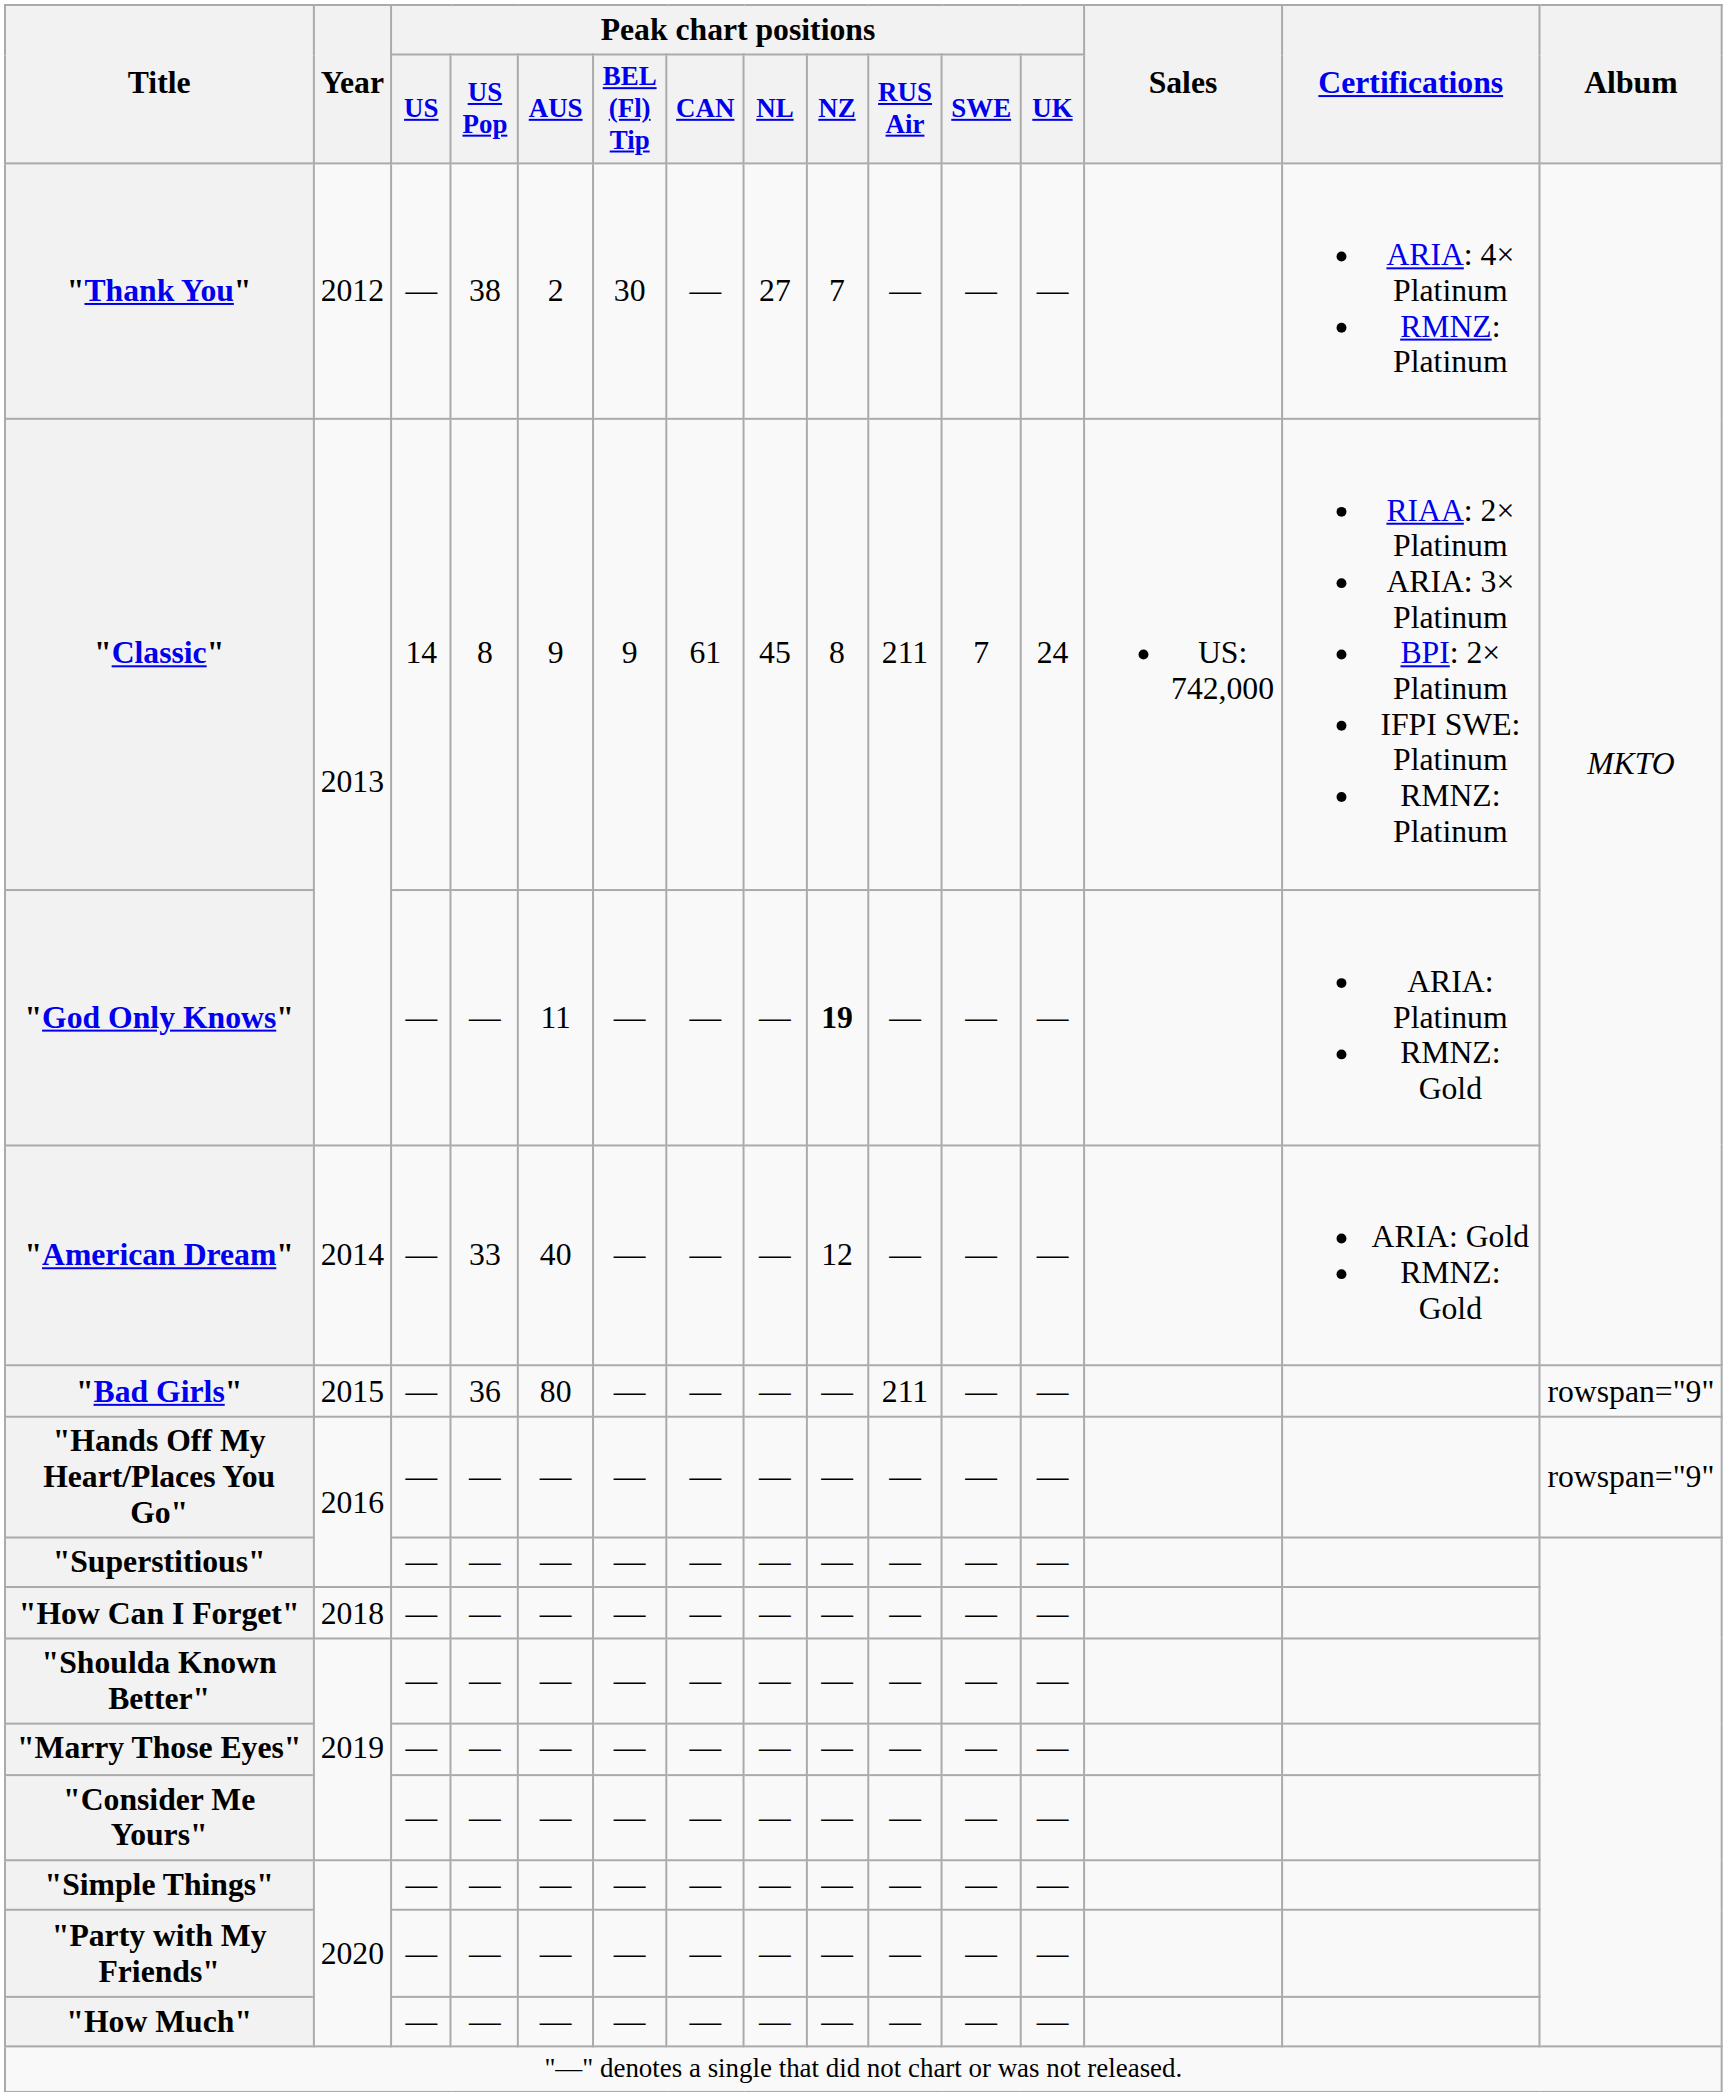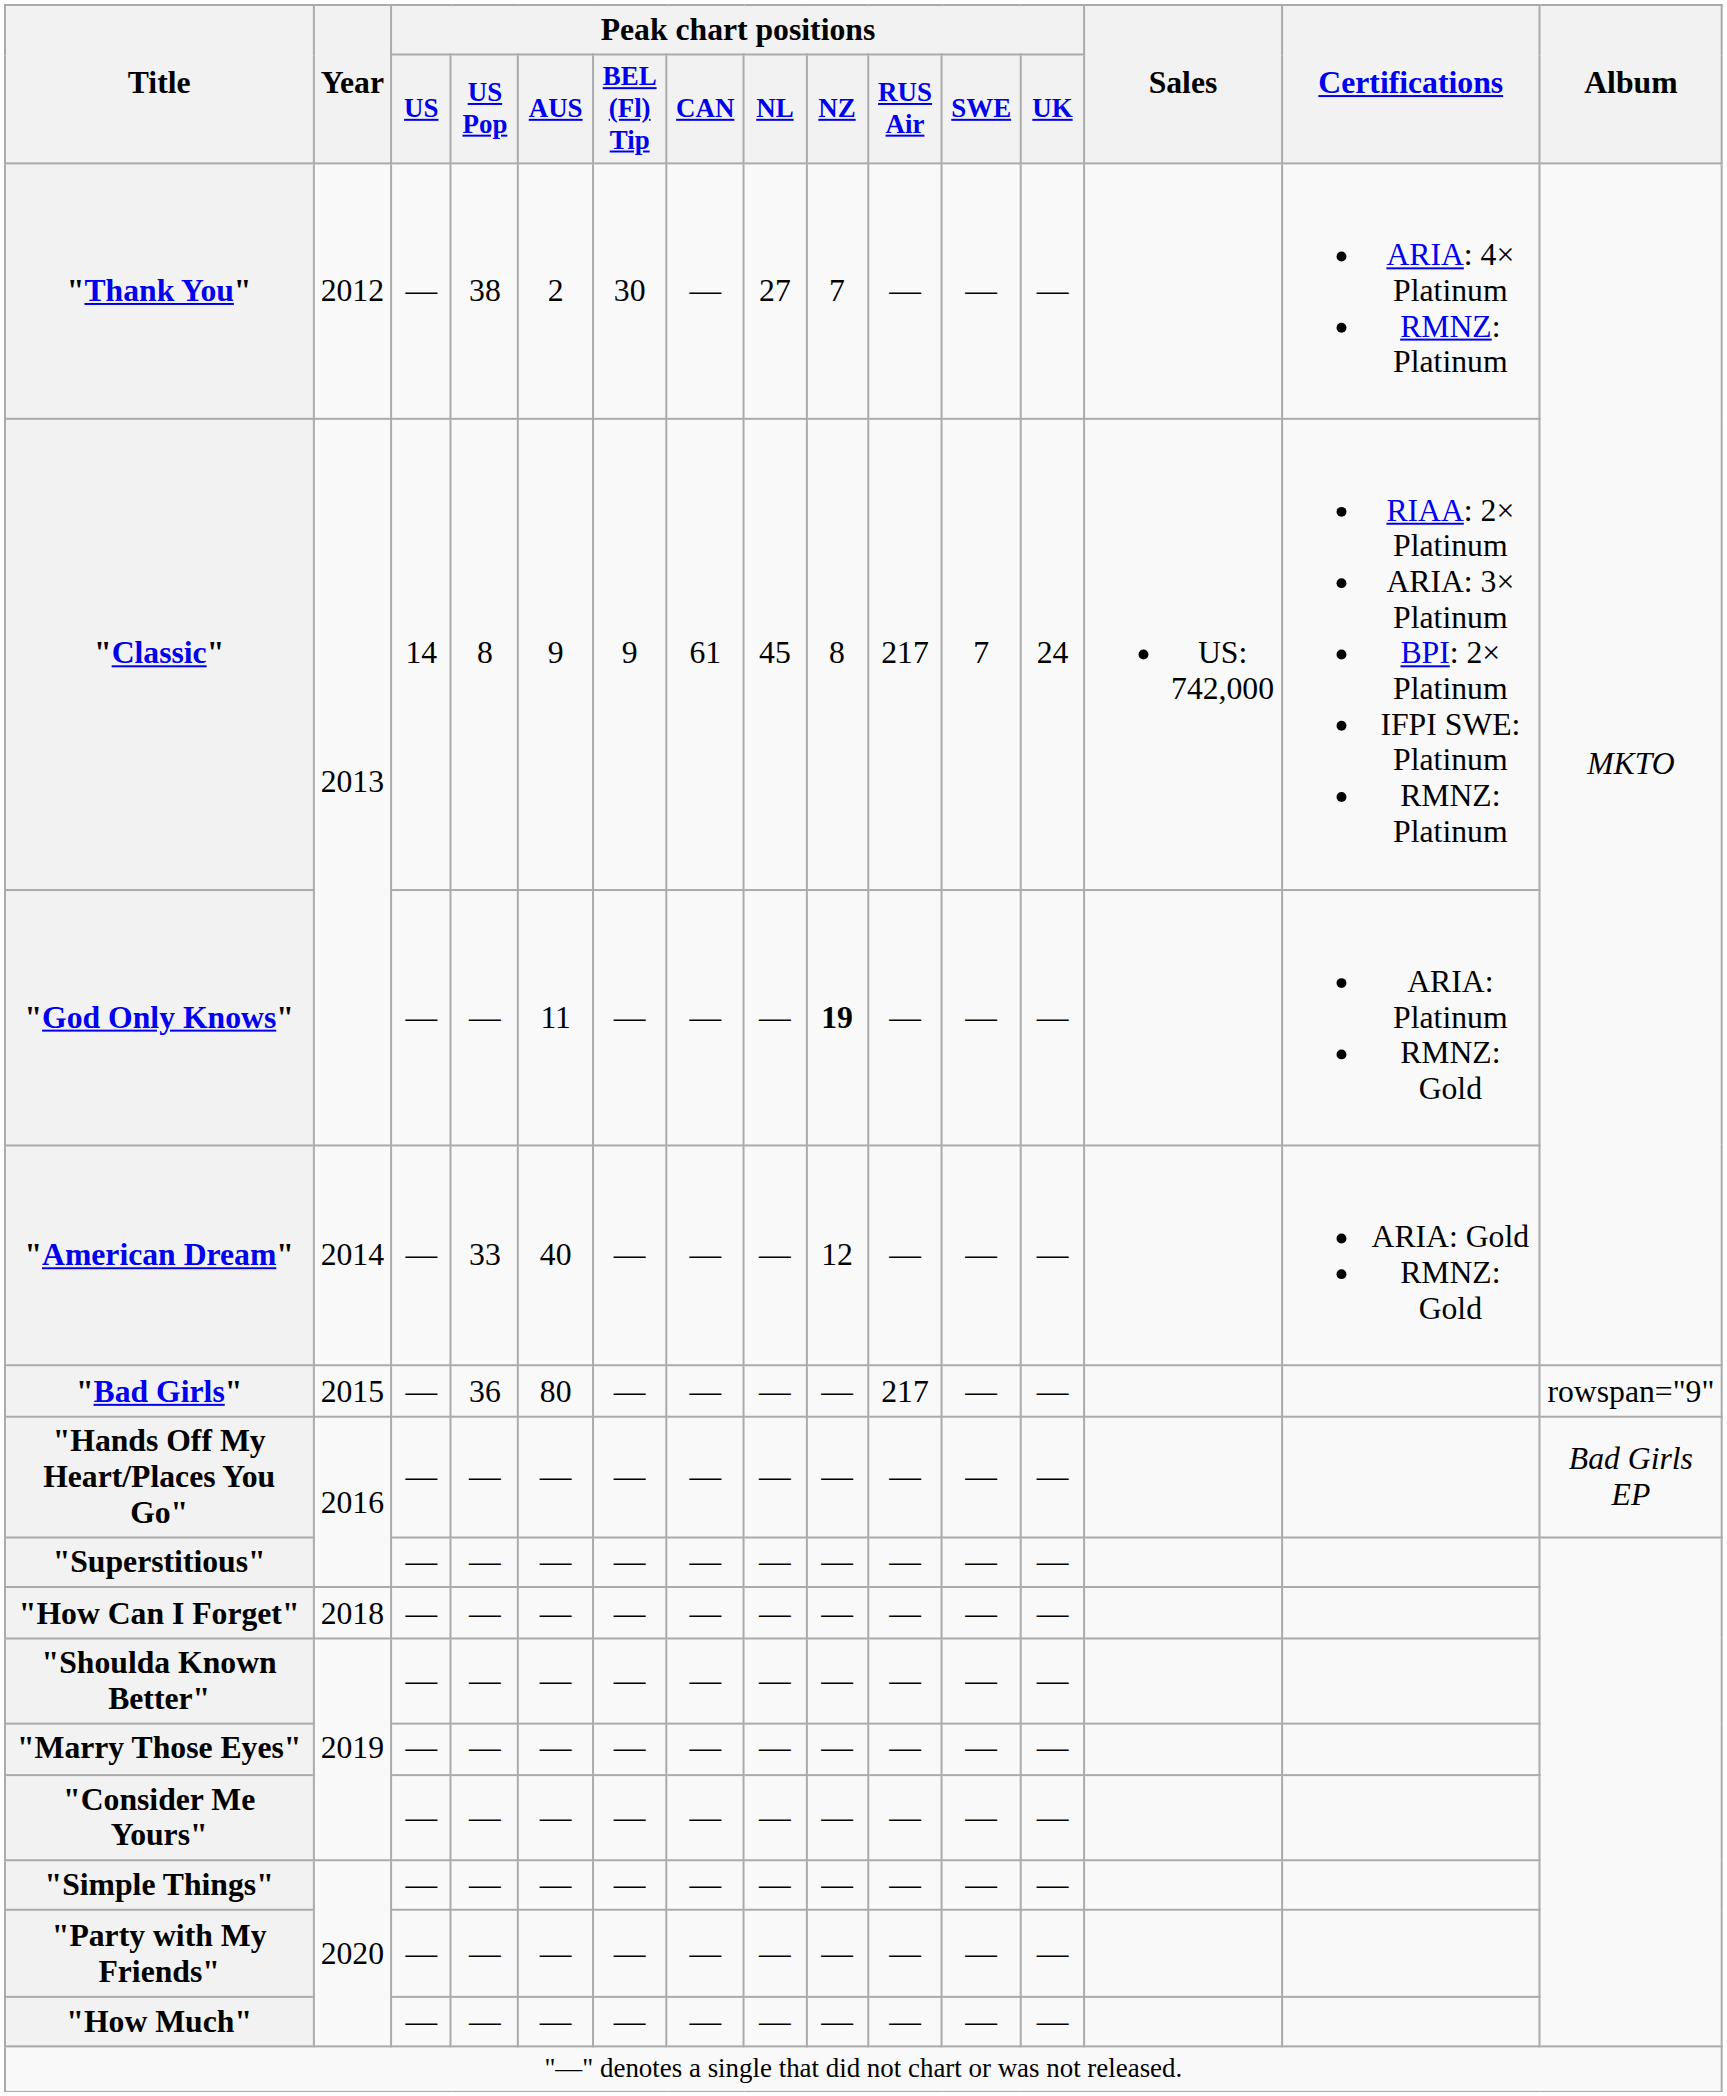 <table class="wikitable plainrowheaders" style="text-align:center;">
 <tr>
 <th scope="col" rowspan="2" style="width:16em;">Title</th>
 <th scope="col" rowspan="2">Year</th>
 <th scope="col" colspan="10">Peak chart positions</th>
 <th rowspan="2">Sales</th>
 <th scope="col" rowspan="2" style="width:11.9em;"><a href='#'>Certifications</a></th>
 <th scope="col" rowspan="2">Album</th>
 </tr>
 <tr>
 <th scope="col" style="width:3em;font-size:85%;"><a href='#'>US</a><br></th>
 <th scope="col" style="width:3em;font-size:85%;"><a href='#'>US<br>Pop</a><br></th>
 <th scope="col" style="width:3em;font-size:85%;"><a href='#'>AUS</a><br></th>
 <th scope="col" style="width:3em;font-size:85%;"><a href='#'>BEL<br>(Fl)<br>Tip</a><br></th>
 <th scope="col" style="width:3em;font-size:85%;"><a href='#'>CAN</a><br></th>
 <th scope="col" style="width:3em;font-size:85%;"><a href='#'>NL</a><br></th>
 <th scope="col" style="width:3em;font-size:85%;"><a href='#'>NZ</a><br></th>
 <th scope="col" style="width:3em;font-size:85%;"><a href='#'>RUS<br>Air</a><br></th>
 <th scope="col" style="width:3em;font-size:85%;"><a href='#'>SWE</a><br></th>
 <th scope="col" style="width:3em;font-size:85%;"><a href='#'>UK</a><br></th>
 </tr>
 <tr>
 <th scope="row">"<a href='#'>Thank You</a>"</th>
 <td>2012</td>
 <td>—</td>
 <td>38</td>
 <td>2</td>
 <td>30</td>
 <td>—</td>
 <td>27</td>
 <td>7</td>
 <td>—</td>
 <td>—</td>
 <td>—</td>
 <td></td>
 <td><br><ul><li><a href='#'>ARIA</a>: 4× Platinum</li><li><a href='#'>RMNZ</a>: Platinum</li></ul></td>
 <td rowspan="4"><em>MKTO</em></td>
 </tr>
 <tr>
 <th scope="row">"<a href='#'>Classic</a>"</th>
 <td rowspan="2">2013</td>
 <td>14</td>
 <td>8</td>
 <td>9</td>
 <td>9</td>
 <td>61</td>
 <td>45</td>
 <td>8</td>
-<td>211</td>
+<td>217</td>
 <td>7</td>
 <td>24</td>
 <td><br><ul><li>US: 742,000</li></ul></td>
 <td><br><ul><li><a href='#'>RIAA</a>: 2× Platinum</li><li>ARIA: 3× Platinum</li><li><a href='#'>BPI</a>: 2× Platinum</li><li>IFPI SWE: Platinum</li><li>RMNZ: Platinum</li></ul></td>
 </tr>
 <tr>
 <th scope="row">"<a href='#'>God Only Knows</a>"</th>
 <td>—</td>
 <td>—</td>
 <td>11</td>
 <td>—</td>
 <td>—</td>
 <td>—</td>
 <td><strong>19</strong></td>
 <td>—</td>
 <td>—</td>
 <td>—</td>
 <td></td>
 <td><br><ul><li>ARIA: Platinum</li><li>RMNZ: Gold</li></ul></td>
 </tr>
 <tr>
 <th scope="row">"<a href='#'>American Dream</a>"</th>
 <td>2014</td>
 <td>—</td>
 <td>33</td>
 <td>40</td>
 <td>—</td>
 <td>—</td>
 <td>—</td>
 <td>12</td>
 <td>—</td>
 <td>—</td>
 <td>—</td>
 <td></td>
 <td><br><ul><li>ARIA: Gold</li><li>RMNZ: Gold</li></ul></td>
 </tr>
 <tr>
 <th scope="row">"<a href='#'>Bad Girls</a>"</th>
 <td>2015</td>
 <td>—</td>
 <td>36</td>
 <td>80</td>
 <td>—</td>
 <td>—</td>
 <td>—</td>
 <td>—</td>
-<td>211</td>
+<td>217</td>
 <td>—</td>
 <td>—</td>
 <td></td>
 <td></td>
 <td>rowspan="9" </td>
 </tr>
 <tr>
 <th scope="row">"Hands Off My Heart/Places You Go"</th>
 <td rowspan="2">2016</td>
 <td>—</td>
 <td>—</td>
 <td>—</td>
 <td>—</td>
 <td>—</td>
 <td>—</td>
 <td>—</td>
 <td>—</td>
 <td>—</td>
 <td>—</td>
 <td></td>
 <td></td>
-<td>rowspan="9" </td>
+<td><em>Bad Girls EP</em></td>
 </tr>
 <tr>
 <th scope="row">"Superstitious"</th>
 <td>—</td>
 <td>—</td>
 <td>—</td>
 <td>—</td>
 <td>—</td>
 <td>—</td>
 <td>—</td>
 <td>—</td>
 <td>—</td>
 <td>—</td>
 <td></td>
 <td></td>
 </tr>
 <tr>
 <th scope="row">"How Can I Forget"</th>
 <td>2018</td>
 <td>—</td>
 <td>—</td>
 <td>—</td>
 <td>—</td>
 <td>—</td>
 <td>—</td>
 <td>—</td>
 <td>—</td>
 <td>—</td>
 <td>—</td>
 <td></td>
 <td></td>
 </tr>
 <tr>
 <th scope="row">"Shoulda Known Better"</th>
 <td rowspan="3">2019</td>
 <td>—</td>
 <td>—</td>
 <td>—</td>
 <td>—</td>
 <td>—</td>
 <td>—</td>
 <td>—</td>
 <td>—</td>
 <td>—</td>
 <td>—</td>
 <td></td>
 <td></td>
 </tr>
 <tr>
 <th scope="row">"Marry Those Eyes"</th>
 <td>—</td>
 <td>—</td>
 <td>—</td>
 <td>—</td>
 <td>—</td>
 <td>—</td>
 <td>—</td>
 <td>—</td>
 <td>—</td>
 <td>—</td>
 <td></td>
 <td></td>
 </tr>
 <tr>
 <th scope="row">"Consider Me Yours"</th>
 <td>—</td>
 <td>—</td>
 <td>—</td>
 <td>—</td>
 <td>—</td>
 <td>—</td>
 <td>—</td>
 <td>—</td>
 <td>—</td>
 <td>—</td>
 <td></td>
 <td></td>
 </tr>
 <tr>
 <th scope="row">"Simple Things"</th>
 <td rowspan="3">2020</td>
 <td>—</td>
 <td>—</td>
 <td>—</td>
 <td>—</td>
 <td>—</td>
 <td>—</td>
 <td>—</td>
 <td>—</td>
 <td>—</td>
 <td>—</td>
 <td></td>
 <td></td>
 </tr>
 <tr>
 <th scope="row">"Party with My Friends"</th>
 <td>—</td>
 <td>—</td>
 <td>—</td>
 <td>—</td>
 <td>—</td>
 <td>—</td>
 <td>—</td>
 <td>—</td>
 <td>—</td>
 <td>—</td>
 <td></td>
 <td></td>
 </tr>
 <tr>
 <th scope="row">"How Much"</th>
 <td>—</td>
 <td>—</td>
 <td>—</td>
 <td>—</td>
 <td>—</td>
 <td>—</td>
 <td>—</td>
 <td>—</td>
 <td>—</td>
 <td>—</td>
 <td></td>
 <td></td>
 </tr>
 <tr>
 <td colspan="20" style="font-size:85%">"—" denotes a single that did not chart or was not released.</td>
 </tr>
 </table>
